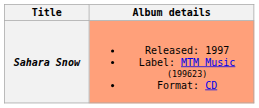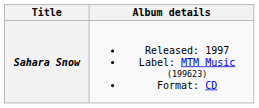 <table class="wikitable plainrowheaders" style="text-align:center;">
 <tr>
 <th scope="col" style="width:8em;">Title</th>
 <th scope="col" style="width:16em;">Album details</th>
 </tr>
 <tr>
 <th scope="row"><em>Sahara Snow</em></th>
-<td style="background: lightsalmon;"><br><ul><li>Released: 1997</li><li>Label: <a href='#'>MTM Music</a> <small>(199623)</small></li><li>Format: <a href='#'>CD</a></li></ul></td>
+<td><br><ul><li>Released: 1997</li><li>Label: <a href='#'>MTM Music</a> <small>(199623)</small></li><li>Format: <a href='#'>CD</a></li></ul></td>
 </tr>
 </table>
